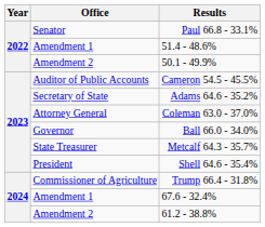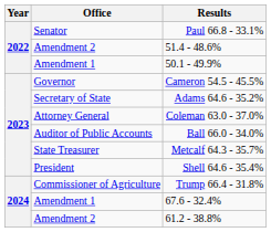 <table class=wikitable>
 <tr>
 <th>Year</th>
 <th>Office</th>
 <th>Results</th>
 </tr>
 <tr>
 <th rowspan=3><a href='#'>2022</a></th>
 <td><a href='#'>Senator</a></td>
 <td align="right" ><a href='#'>Paul</a> 66.8 - 33.1%</td>
 </tr>
 <tr>
-<td><a href='#'>Amendment 1</a></td>
+<td><a href='#'>Amendment 2</a></td>
 <td> 51.4 - 48.6%</td>
 </tr>
 <tr>
-<td><a href='#'>Amendment 2</a></td>
+<td><a href='#'>Amendment 1</a></td>
 <td> 50.1 - 49.9%</td>
 </tr>
 <tr>
 <th rowspan=6><a href='#'>2023</a></th>
-<td><a href='#'>Auditor of Public Accounts</a></td>
+<td><a href='#'>Governor</a></td>
 <td align="right" ><a href='#'>Cameron</a> 54.5 - 45.5%</td>
 </tr>
 <tr>
 <td><a href='#'>Secretary of State</a></td>
 <td align="right" ><a href='#'>Adams</a> 64.6 - 35.2%</td>
 </tr>
 <tr>
 <td><a href='#'>Attorney General</a></td>
 <td align="right" ><a href='#'>Coleman</a> 63.0 - 37.0%</td>
 </tr>
 <tr>
-<td><a href='#'>Governor</a></td>
+<td><a href='#'>Auditor of Public Accounts</a></td>
 <td align="right" ><a href='#'>Ball</a> 66.0 - 34.0%</td>
 </tr>
 <tr>
 <td><a href='#'>State Treasurer</a></td>
 <td align="right" ><a href='#'>Metcalf</a> 64.3 - 35.7%</td>
 </tr>
 <tr>
 <td><a href='#'>President</a></td>
 <td align="right" ><a href='#'>Shell</a> 64.6 - 35.4%</td>
 </tr>
 <tr>
 <th rowspan=3><a href='#'>2024</a></th>
 <td><a href='#'>Commissioner of Agriculture</a></td>
 <td align="right" ><a href='#'>Trump</a> 66.4 - 31.8%</td>
 </tr>
 <tr>
 <td><a href='#'>Amendment 1</a></td>
 <td> 67.6 - 32.4%</td>
 </tr>
 <tr>
 <td><a href='#'>Amendment 2</a></td>
 <td> 61.2 - 38.8%</td>
 </tr>
 </table>
